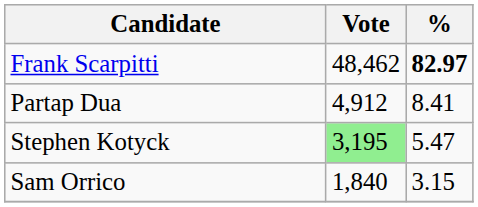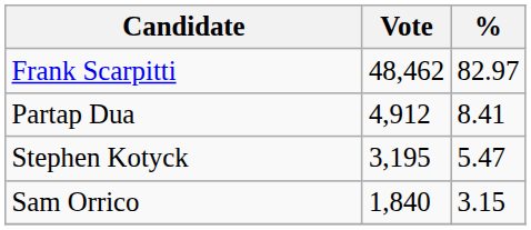 <table class="wikitable">
 <tr>
 <th bgcolor="#DDDDFF" width="200px">Candidate</th>
 <th bgcolor="#DDDDFF">Vote</th>
 <th bgcolor="#DDDDFF">%</th>
 </tr>
 <tr>
 <td><a href='#'>Frank Scarpitti</a></td>
 <td>48,462</td>
-<td><strong>82.97</strong></td>
+<td>82.97</td>
 </tr>
 <tr>
 <td>Partap Dua</td>
 <td>4,912</td>
 <td>8.41</td>
 </tr>
 <tr>
 <td>Stephen Kotyck</td>
-<td style="background: lightgreen;">3,195</td>
+<td>3,195</td>
 <td>5.47</td>
 </tr>
 <tr>
 <td>Sam Orrico</td>
 <td>1,840</td>
 <td>3.15</td>
 </tr>
 <tr>
 </tr>
 </table>
